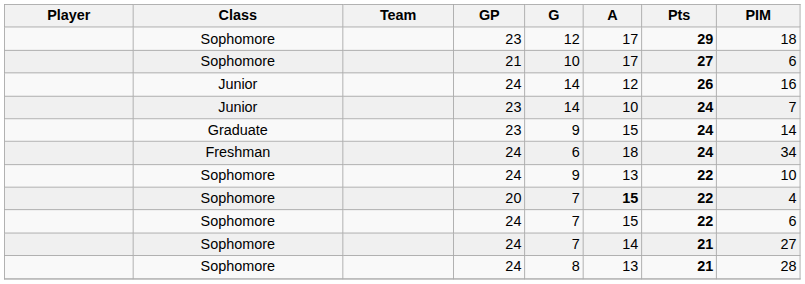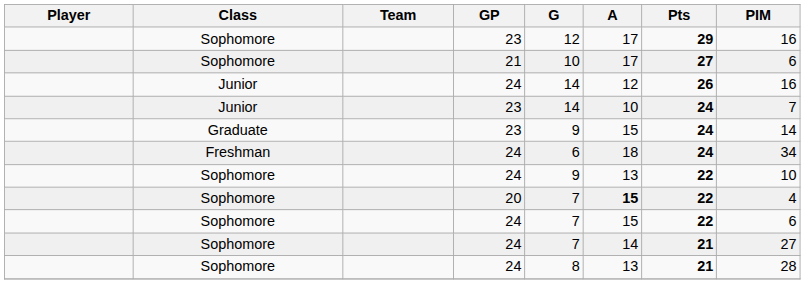 <table class="wikitable sortable" style="text-align: center; "width=70%">
 <tr>
 <th>Player</th>
 <th>Class</th>
 <th>Team</th>
 <th>GP</th>
 <th>G</th>
 <th>A</th>
 <th>Pts</th>
 <th>PIM</th>
 </tr>
 <tr>
 <td style="text-align: left"></td>
 <td>Sophomore</td>
 <td><strong><a href='#'></a></strong></td>
 <td style="text-align: right">23</td>
 <td style="text-align: right">12</td>
 <td style="text-align: right">17</td>
 <td style="text-align: right"><strong>29</strong></td>
-<td style="text-align: right">18</td>
+<td style="text-align: right">16</td>
 </tr>
 <tr bgcolor=f0f0f0>
 <td style="text-align: left"></td>
 <td>Sophomore</td>
 <td><strong><a href='#'></a></strong></td>
 <td style="text-align: right">21</td>
 <td style="text-align: right">10</td>
 <td style="text-align: right">17</td>
 <td style="text-align: right"><strong>27</strong></td>
 <td style="text-align: right">6</td>
 </tr>
 <tr>
 <td style="text-align: left"></td>
 <td>Junior</td>
 <td><strong><a href='#'></a></strong></td>
 <td style="text-align: right">24</td>
 <td style="text-align: right">14</td>
 <td style="text-align: right">12</td>
 <td style="text-align: right"><strong>26</strong></td>
 <td style="text-align: right">16</td>
 </tr>
 <tr bgcolor=f0f0f0>
 <td style="text-align: left"></td>
 <td>Junior</td>
 <td><strong><a href='#'></a></strong></td>
 <td style="text-align: right">23</td>
 <td style="text-align: right">14</td>
 <td style="text-align: right">10</td>
 <td style="text-align: right"><strong>24</strong></td>
 <td style="text-align: right">7</td>
 </tr>
 <tr>
 <td style="text-align: left"></td>
 <td>Graduate</td>
 <td><strong><a href='#'></a></strong></td>
 <td style="text-align: right">23</td>
 <td style="text-align: right">9</td>
 <td style="text-align: right">15</td>
 <td style="text-align: right"><strong>24</strong></td>
 <td style="text-align: right">14</td>
 </tr>
 <tr bgcolor=f0f0f0>
 <td style="text-align: left"></td>
 <td>Freshman</td>
 <td><strong><a href='#'></a></strong></td>
 <td style="text-align: right">24</td>
 <td style="text-align: right">6</td>
 <td style="text-align: right">18</td>
 <td style="text-align: right"><strong>24</strong></td>
 <td style="text-align: right">34</td>
 </tr>
 <tr>
 <td style="text-align: left"></td>
 <td>Sophomore</td>
 <td><strong><a href='#'></a></strong></td>
 <td style="text-align: right">24</td>
 <td style="text-align: right">9</td>
 <td style="text-align: right">13</td>
 <td style="text-align: right"><strong>22</strong></td>
 <td style="text-align: right">10</td>
 </tr>
 <tr bgcolor=f0f0f0>
 <td style="text-align: left"></td>
 <td>Sophomore</td>
 <td><strong><a href='#'></a></strong></td>
 <td style="text-align: right">20</td>
 <td style="text-align: right">7</td>
 <td style="text-align: right"><strong>15</strong></td>
 <td style="text-align: right"><strong>22</strong></td>
 <td style="text-align: right">4</td>
 </tr>
 <tr>
 <td style="text-align: left"></td>
 <td>Sophomore</td>
 <td><strong><a href='#'></a></strong></td>
 <td style="text-align: right">24</td>
 <td style="text-align: right">7</td>
 <td style="text-align: right">15</td>
 <td style="text-align: right"><strong>22</strong></td>
 <td style="text-align: right">6</td>
 </tr>
 <tr bgcolor=f0f0f0>
 <td style="text-align: left"></td>
 <td>Sophomore</td>
 <td><strong><a href='#'></a></strong></td>
 <td style="text-align: right">24</td>
 <td style="text-align: right">7</td>
 <td style="text-align: right">14</td>
 <td style="text-align: right"><strong>21</strong></td>
 <td style="text-align: right">27</td>
 </tr>
 <tr>
 <td style="text-align: left"></td>
 <td>Sophomore</td>
 <td><strong><a href='#'></a></strong></td>
 <td style="text-align: right">24</td>
 <td style="text-align: right">8</td>
 <td style="text-align: right">13</td>
 <td style="text-align: right"><strong>21</strong></td>
 <td style="text-align: right">28</td>
 </tr>
 <tr>
 </tr>
 </table>
